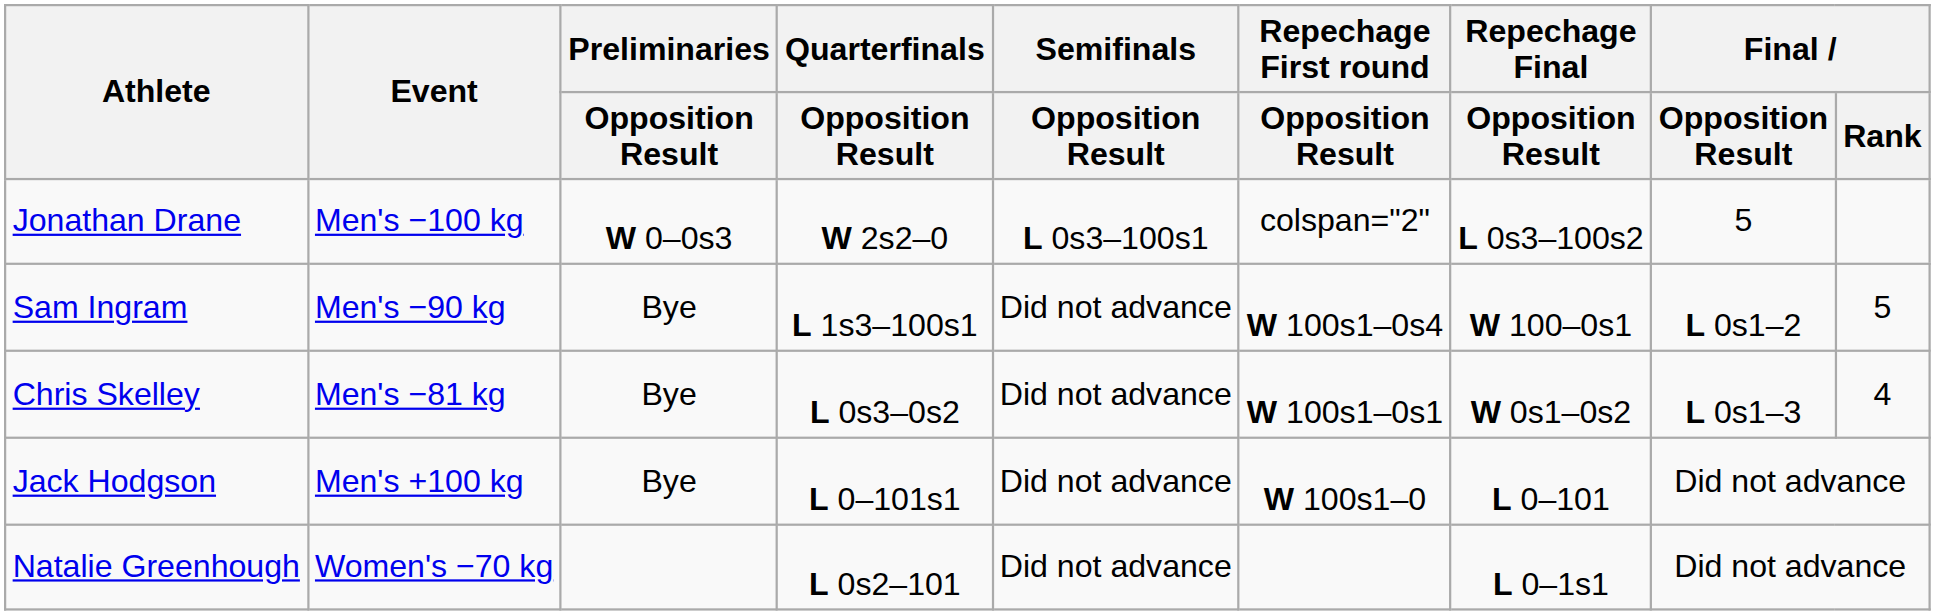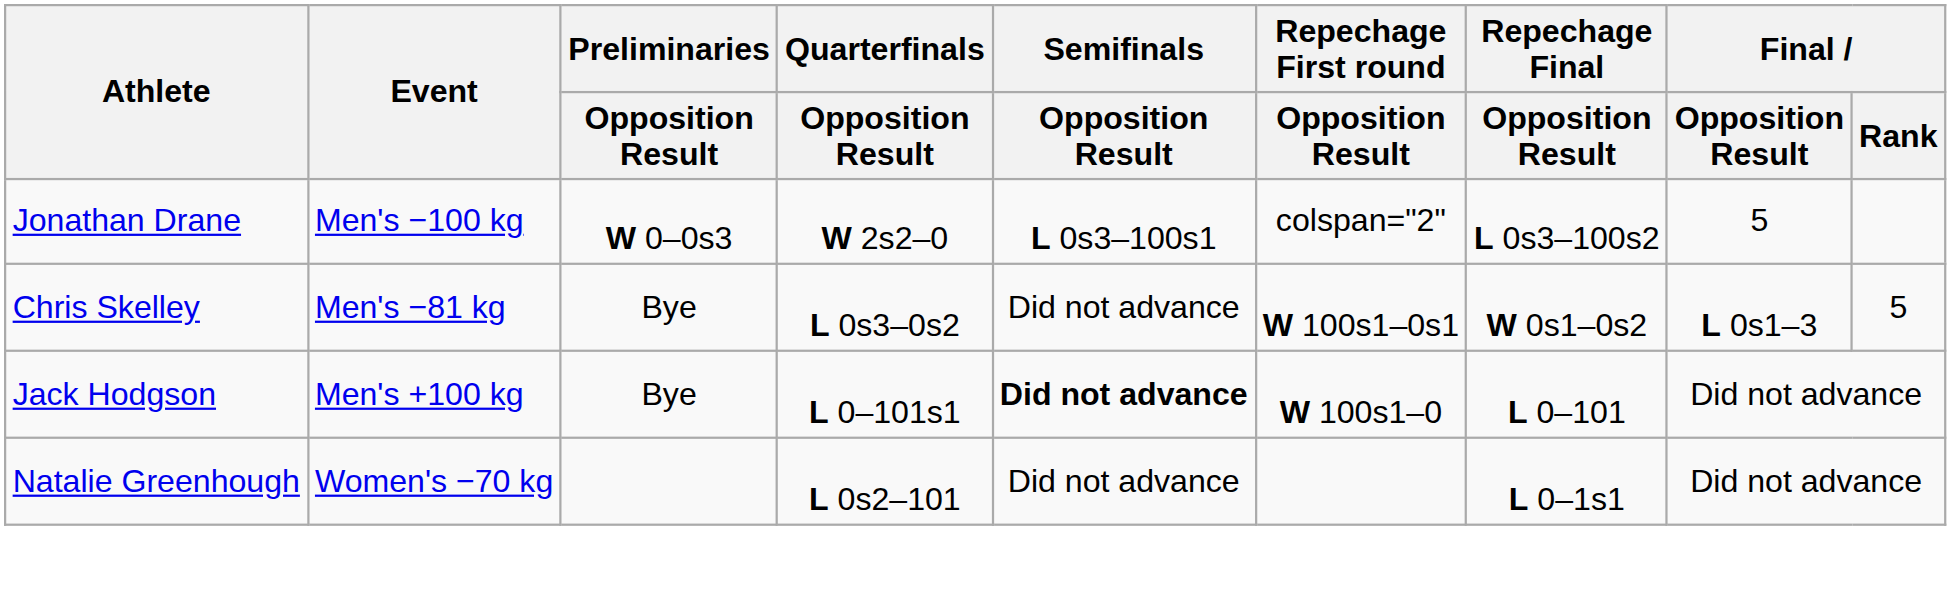 <table class="wikitable" style="font-size:90%">
 <tr>
 <th rowspan="2">Athlete</th>
 <th rowspan="2">Event</th>
 <th>Preliminaries</th>
 <th>Quarterfinals</th>
 <th>Semifinals</th>
 <th>Repechage<br>First round</th>
 <th>Repechage<br>Final</th>
 <th colspan="2">Final / </th>
 </tr>
 <tr>
 <th>Opposition<br>Result</th>
 <th>Opposition<br>Result</th>
 <th>Opposition<br>Result</th>
 <th>Opposition<br>Result</th>
 <th>Opposition<br>Result</th>
 <th>Opposition<br>Result</th>
 <th>Rank</th>
 </tr>
 <tr align=center>
 <td align=left><a href='#'>Jonathan Drane</a></td>
 <td align=left><a href='#'>Men's −100 kg</a></td>
 <td><br><strong>W</strong> 0–0s3</td>
 <td><br><strong>W</strong> 2s2–0</td>
 <td><br><strong>L</strong> 0s3–100s1</td>
 <td>colspan="2" </td>
 <td><br><strong>L</strong> 0s3–100s2</td>
 <td>5</td>
 </tr>
 <tr align=center>
-<td align=left><a href='#'>Sam Ingram</a></td>
-<td align=left><a href='#'>Men's −90 kg</a></td>
-<td>Bye</td>
-<td><br><strong>L</strong> 1s3–100s1</td>
-<td>Did not advance</td>
-<td><br><strong>W</strong> 100s1–0s4</td>
-<td><br><strong>W</strong> 100–0s1</td>
-<td><br><strong>L</strong> 0s1–2</td>
-<td>5</td>
-</tr>
-<tr align=center>
 <td align=left><a href='#'>Chris Skelley</a></td>
 <td align=left><a href='#'>Men's −81 kg</a></td>
 <td>Bye</td>
 <td><br><strong>L</strong> 0s3–0s2</td>
 <td>Did not advance</td>
 <td><br><strong>W</strong> 100s1–0s1</td>
 <td><br><strong>W</strong> 0s1–0s2</td>
 <td><br><strong>L</strong> 0s1–3</td>
-<td>4</td>
+<td>5</td>
 </tr>
 <tr align=center>
 <td align=left><a href='#'>Jack Hodgson</a></td>
 <td align=left><a href='#'>Men's +100 kg</a></td>
 <td>Bye</td>
 <td><br><strong>L</strong> 0–101s1</td>
-<td>Did not advance</td>
+<td><strong>Did not advance</strong></td>
 <td><br><strong>W</strong> 100s1–0</td>
 <td><br><strong>L</strong> 0–101</td>
 <td colspan="2">Did not advance</td>
 </tr>
 <tr align=center>
 <td align=left><a href='#'>Natalie Greenhough</a></td>
 <td align=left><a href='#'>Women's −70 kg</a></td>
 <td></td>
 <td><br><strong>L</strong> 0s2–101</td>
 <td>Did not advance</td>
 <td></td>
 <td><br><strong>L</strong> 0–1s1</td>
 <td colspan="2">Did not advance</td>
 </tr>
 </table>
